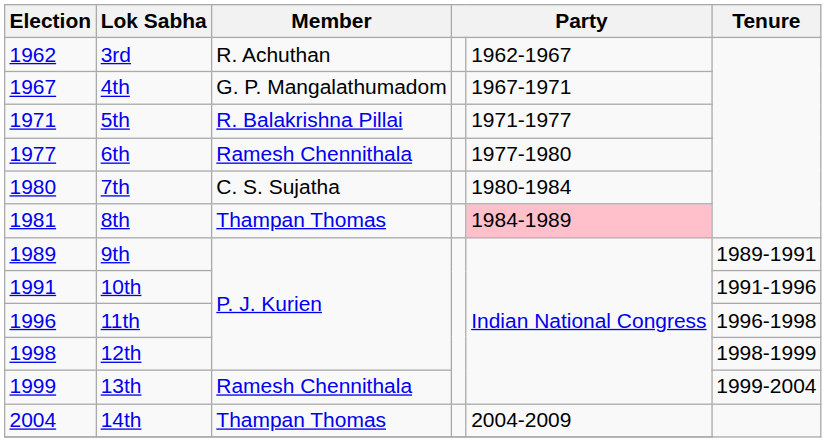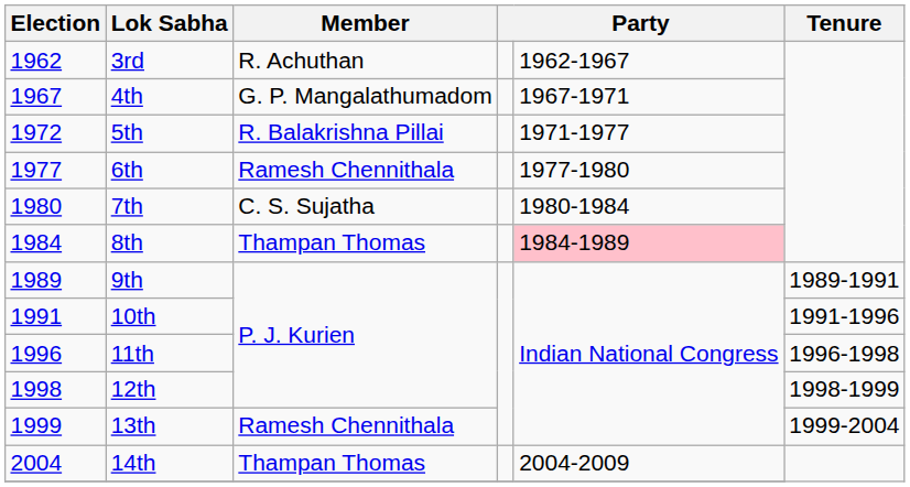 <table class="wikitable sortable">
 <tr>
 <th>Election</th>
 <th>Lok Sabha</th>
 <th>Member</th>
 <th colspan="2">Party</th>
 <th>Tenure</th>
 </tr>
 <tr>
 <td><a href='#'>1962</a></td>
 <td><a href='#'>3rd</a></td>
 <td>R. Achuthan</td>
 <td></td>
 <td>1962-1967</td>
 </tr>
 <tr>
 <td><a href='#'>1967</a></td>
 <td><a href='#'>4th</a></td>
 <td>G. P. Mangalathumadom</td>
 <td></td>
 <td>1967-1971</td>
 </tr>
 <tr>
-<td><a href='#'>1971</a></td>
+<td><a href='#'>1972</a></td>
 <td><a href='#'>5th</a></td>
 <td><a href='#'>R. Balakrishna Pillai</a></td>
 <td></td>
 <td>1971-1977</td>
 </tr>
 <tr>
 <td><a href='#'>1977</a></td>
 <td><a href='#'>6th</a></td>
 <td><a href='#'>Ramesh Chennithala</a></td>
 <td></td>
 <td>1977-1980</td>
 </tr>
 <tr>
 <td><a href='#'>1980</a></td>
 <td><a href='#'>7th</a></td>
 <td>C. S. Sujatha</td>
 <td></td>
 <td>1980-1984</td>
 </tr>
 <tr>
-<td><a href='#'>1981</a></td>
+<td><a href='#'>1984</a></td>
 <td><a href='#'>8th</a></td>
 <td><a href='#'>Thampan Thomas</a></td>
 <td></td>
 <td style="background: pink;">1984-1989</td>
 </tr>
 <tr>
 <td><a href='#'>1989</a></td>
 <td><a href='#'>9th</a></td>
 <td rowspan="4"><a href='#'>P. J. Kurien</a></td>
 <td rowspan="5" width="4px" style="background-color: "></td>
 <td rowspan="5"><a href='#'>Indian National Congress</a></td>
 <td>1989-1991</td>
 </tr>
 <tr>
 <td><a href='#'>1991</a></td>
 <td><a href='#'>10th</a></td>
 <td>1991-1996</td>
 </tr>
 <tr>
 <td><a href='#'>1996</a></td>
 <td><a href='#'>11th</a></td>
 <td>1996-1998</td>
 </tr>
 <tr>
 <td><a href='#'>1998</a></td>
 <td><a href='#'>12th</a></td>
 <td>1998-1999</td>
 </tr>
 <tr>
 <td><a href='#'>1999</a></td>
 <td><a href='#'>13th</a></td>
 <td><a href='#'>Ramesh Chennithala</a></td>
 <td>1999-2004</td>
 </tr>
 <tr>
 <td><a href='#'>2004</a></td>
 <td><a href='#'>14th</a></td>
 <td><a href='#'>Thampan Thomas</a></td>
 <td></td>
 <td>2004-2009</td>
 </tr>
 <tr>
 </tr>
 </table>
